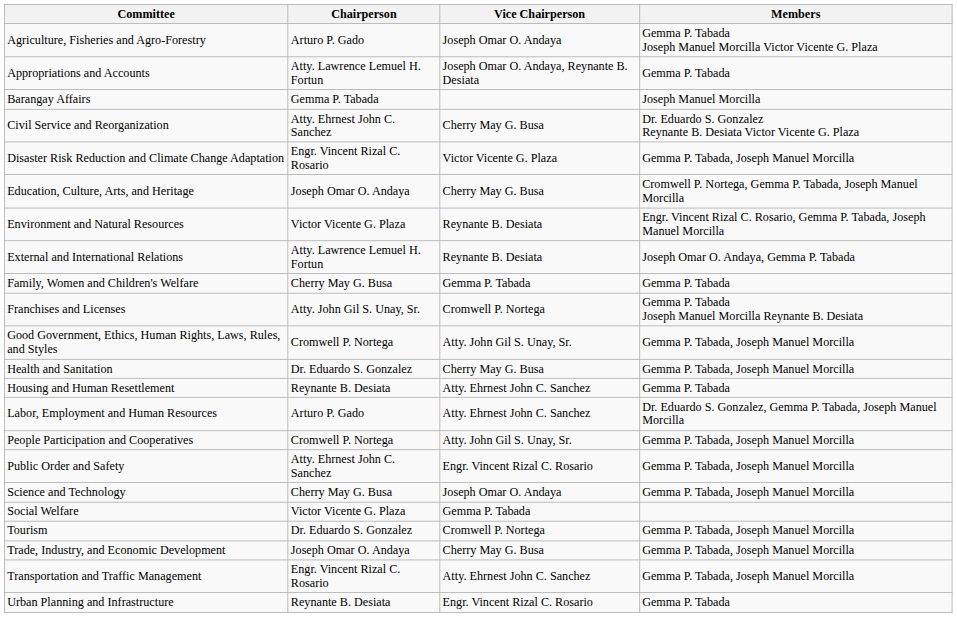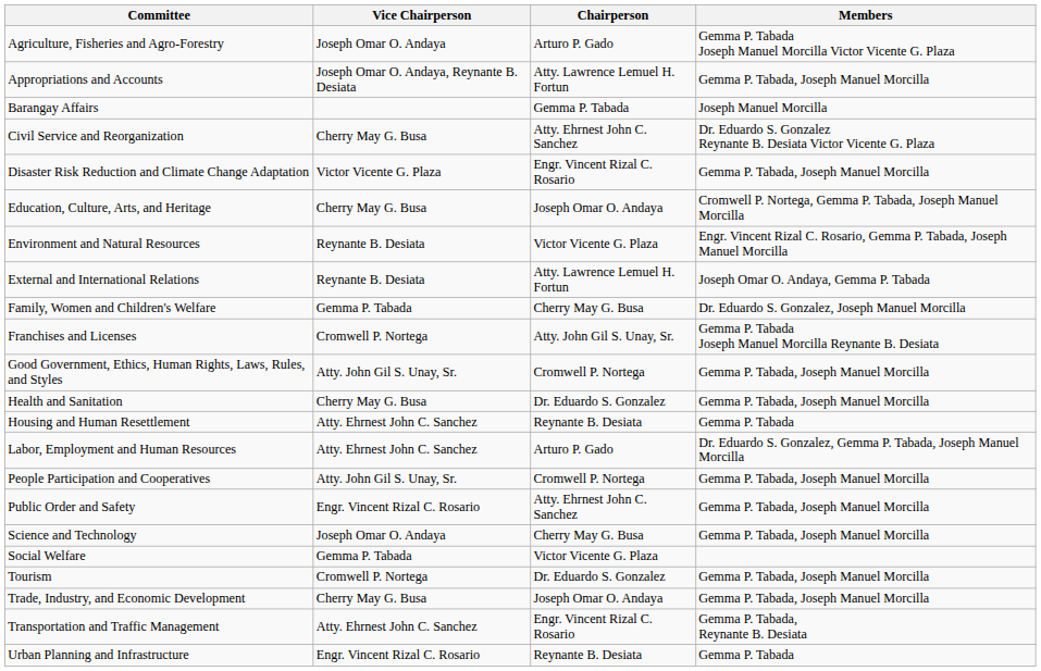 <table class="wikitable sortable">
 <tr>
 <th>Committee</th>
+<th>Vice Chairperson</th>
 <th>Chairperson</th>
-<th>Vice Chairperson</th>
 <th>Members</th>
 </tr>
 <tr>
 <td>Agriculture, Fisheries and Agro-Forestry</td>
+<td>Joseph Omar O. Andaya</td>
 <td>Arturo P. Gado</td>
-<td>Joseph Omar O. Andaya</td>
 <td>Gemma P. Tabada<br>Joseph Manuel Morcilla Victor Vicente G. Plaza</td>
 </tr>
 <tr>
 <td>Appropriations and Accounts</td>
+<td>Joseph Omar O. Andaya, Reynante B. Desiata</td>
 <td>Atty. Lawrence Lemuel H. Fortun</td>
-<td>Joseph Omar O. Andaya, Reynante B. Desiata</td>
-<td>Gemma P. Tabada</td>
+<td>Gemma P. Tabada, Joseph Manuel Morcilla</td>
 </tr>
 <tr>
 <td>Barangay Affairs</td>
+<td></td>
 <td>Gemma P. Tabada</td>
-<td></td>
 <td>Joseph Manuel Morcilla</td>
 </tr>
 <tr>
 <td>Civil Service and Reorganization</td>
+<td>Cherry May G. Busa</td>
 <td>Atty. Ehrnest John C. Sanchez</td>
-<td>Cherry May G. Busa</td>
 <td>Dr. Eduardo S. Gonzalez<br>Reynante B. Desiata Victor Vicente G. Plaza</td>
 </tr>
 <tr>
 <td>Disaster Risk Reduction and Climate Change Adaptation</td>
+<td>Victor Vicente G. Plaza</td>
 <td>Engr. Vincent Rizal C. Rosario</td>
-<td>Victor Vicente G. Plaza</td>
 <td>Gemma P. Tabada, Joseph Manuel Morcilla</td>
 </tr>
 <tr>
 <td>Education, Culture, Arts, and Heritage</td>
+<td>Cherry May G. Busa</td>
 <td>Joseph Omar O. Andaya</td>
-<td>Cherry May G. Busa</td>
 <td>Cromwell P. Nortega, Gemma P. Tabada, Joseph Manuel Morcilla</td>
 </tr>
 <tr>
 <td>Environment and Natural Resources</td>
+<td>Reynante B. Desiata</td>
 <td>Victor Vicente G. Plaza</td>
-<td>Reynante B. Desiata</td>
 <td>Engr. Vincent Rizal C. Rosario, Gemma P. Tabada, Joseph Manuel Morcilla</td>
 </tr>
 <tr>
 <td>External and International Relations</td>
+<td>Reynante B. Desiata</td>
 <td>Atty. Lawrence Lemuel H. Fortun</td>
-<td>Reynante B. Desiata</td>
 <td>Joseph Omar O. Andaya, Gemma P. Tabada</td>
 </tr>
 <tr>
 <td>Family, Women and Children's Welfare</td>
+<td>Gemma P. Tabada</td>
 <td>Cherry May G. Busa</td>
-<td>Gemma P. Tabada</td>
-<td>Gemma P. Tabada</td>
+<td>Dr. Eduardo S. Gonzalez, Joseph Manuel Morcilla</td>
 </tr>
 <tr>
 <td>Franchises and Licenses</td>
+<td>Cromwell P. Nortega</td>
 <td>Atty. John Gil S. Unay, Sr.</td>
-<td>Cromwell P. Nortega</td>
 <td>Gemma P. Tabada<br>Joseph Manuel Morcilla Reynante B. Desiata</td>
 </tr>
 <tr>
 <td>Good Government, Ethics, Human Rights, Laws, Rules, and Styles</td>
+<td>Atty. John Gil S. Unay, Sr.</td>
 <td>Cromwell P. Nortega</td>
-<td>Atty. John Gil S. Unay, Sr.</td>
 <td>Gemma P. Tabada, Joseph Manuel Morcilla</td>
 </tr>
 <tr>
 <td>Health and Sanitation</td>
+<td>Cherry May G. Busa</td>
 <td>Dr. Eduardo S. Gonzalez</td>
+<td>Gemma P. Tabada, Joseph Manuel Morcilla</td>
+</tr>
+<tr>
+<td>Housing and Human Resettlement</td>
+<td>Atty. Ehrnest John C. Sanchez</td>
+<td>Reynante B. Desiata</td>
+<td>Gemma P. Tabada</td>
+</tr>
+<tr>
+<td>Labor, Employment and Human Resources</td>
+<td>Atty. Ehrnest John C. Sanchez</td>
+<td>Arturo P. Gado</td>
+<td>Dr. Eduardo S. Gonzalez, Gemma P. Tabada, Joseph Manuel Morcilla</td>
+</tr>
+<tr>
+<td>People Participation and Cooperatives</td>
+<td>Atty. John Gil S. Unay, Sr.</td>
+<td>Cromwell P. Nortega</td>
+<td>Gemma P. Tabada, Joseph Manuel Morcilla</td>
+</tr>
+<tr>
+<td>Public Order and Safety</td>
+<td>Engr. Vincent Rizal C. Rosario</td>
+<td>Atty. Ehrnest John C. Sanchez</td>
+<td>Gemma P. Tabada, Joseph Manuel Morcilla</td>
+</tr>
+<tr>
+<td>Science and Technology</td>
+<td>Joseph Omar O. Andaya</td>
 <td>Cherry May G. Busa</td>
 <td>Gemma P. Tabada, Joseph Manuel Morcilla</td>
 </tr>
 <tr>
-<td>Housing and Human Resettlement</td>
-<td>Reynante B. Desiata</td>
-<td>Atty. Ehrnest John C. Sanchez</td>
+<td>Social Welfare</td>
 <td>Gemma P. Tabada</td>
+<td>Victor Vicente G. Plaza</td>
+<td></td>
 </tr>
 <tr>
-<td>Labor, Employment and Human Resources</td>
-<td>Arturo P. Gado</td>
-<td>Atty. Ehrnest John C. Sanchez</td>
-<td>Dr. Eduardo S. Gonzalez, Gemma P. Tabada, Joseph Manuel Morcilla</td>
-</tr>
-<tr>
-<td>People Participation and Cooperatives</td>
+<td>Tourism</td>
 <td>Cromwell P. Nortega</td>
-<td>Atty. John Gil S. Unay, Sr.</td>
+<td>Dr. Eduardo S. Gonzalez</td>
 <td>Gemma P. Tabada, Joseph Manuel Morcilla</td>
 </tr>
 <tr>
-<td>Public Order and Safety</td>
-<td>Atty. Ehrnest John C. Sanchez</td>
-<td>Engr. Vincent Rizal C. Rosario</td>
-<td>Gemma P. Tabada, Joseph Manuel Morcilla</td>
-</tr>
-<tr>
-<td>Science and Technology</td>
+<td>Trade, Industry, and Economic Development</td>
 <td>Cherry May G. Busa</td>
 <td>Joseph Omar O. Andaya</td>
 <td>Gemma P. Tabada, Joseph Manuel Morcilla</td>
 </tr>
 <tr>
-<td>Social Welfare</td>
-<td>Victor Vicente G. Plaza</td>
-<td>Gemma P. Tabada</td>
-<td></td>
-</tr>
-<tr>
-<td>Tourism</td>
-<td>Dr. Eduardo S. Gonzalez</td>
-<td>Cromwell P. Nortega</td>
-<td>Gemma P. Tabada, Joseph Manuel Morcilla</td>
-</tr>
-<tr>
-<td>Trade, Industry, and Economic Development</td>
-<td>Joseph Omar O. Andaya</td>
-<td>Cherry May G. Busa</td>
-<td>Gemma P. Tabada, Joseph Manuel Morcilla</td>
-</tr>
-<tr>
 <td>Transportation and Traffic Management</td>
+<td>Atty. Ehrnest John C. Sanchez</td>
 <td>Engr. Vincent Rizal C. Rosario</td>
-<td>Atty. Ehrnest John C. Sanchez</td>
-<td>Gemma P. Tabada, Joseph Manuel Morcilla</td>
+<td>Gemma P. Tabada,<br>Reynante B. Desiata</td>
 </tr>
 <tr>
 <td>Urban Planning and Infrastructure</td>
+<td>Engr. Vincent Rizal C. Rosario</td>
 <td>Reynante B. Desiata</td>
-<td>Engr. Vincent Rizal C. Rosario</td>
 <td>Gemma P. Tabada</td>
 </tr>
 </table>
